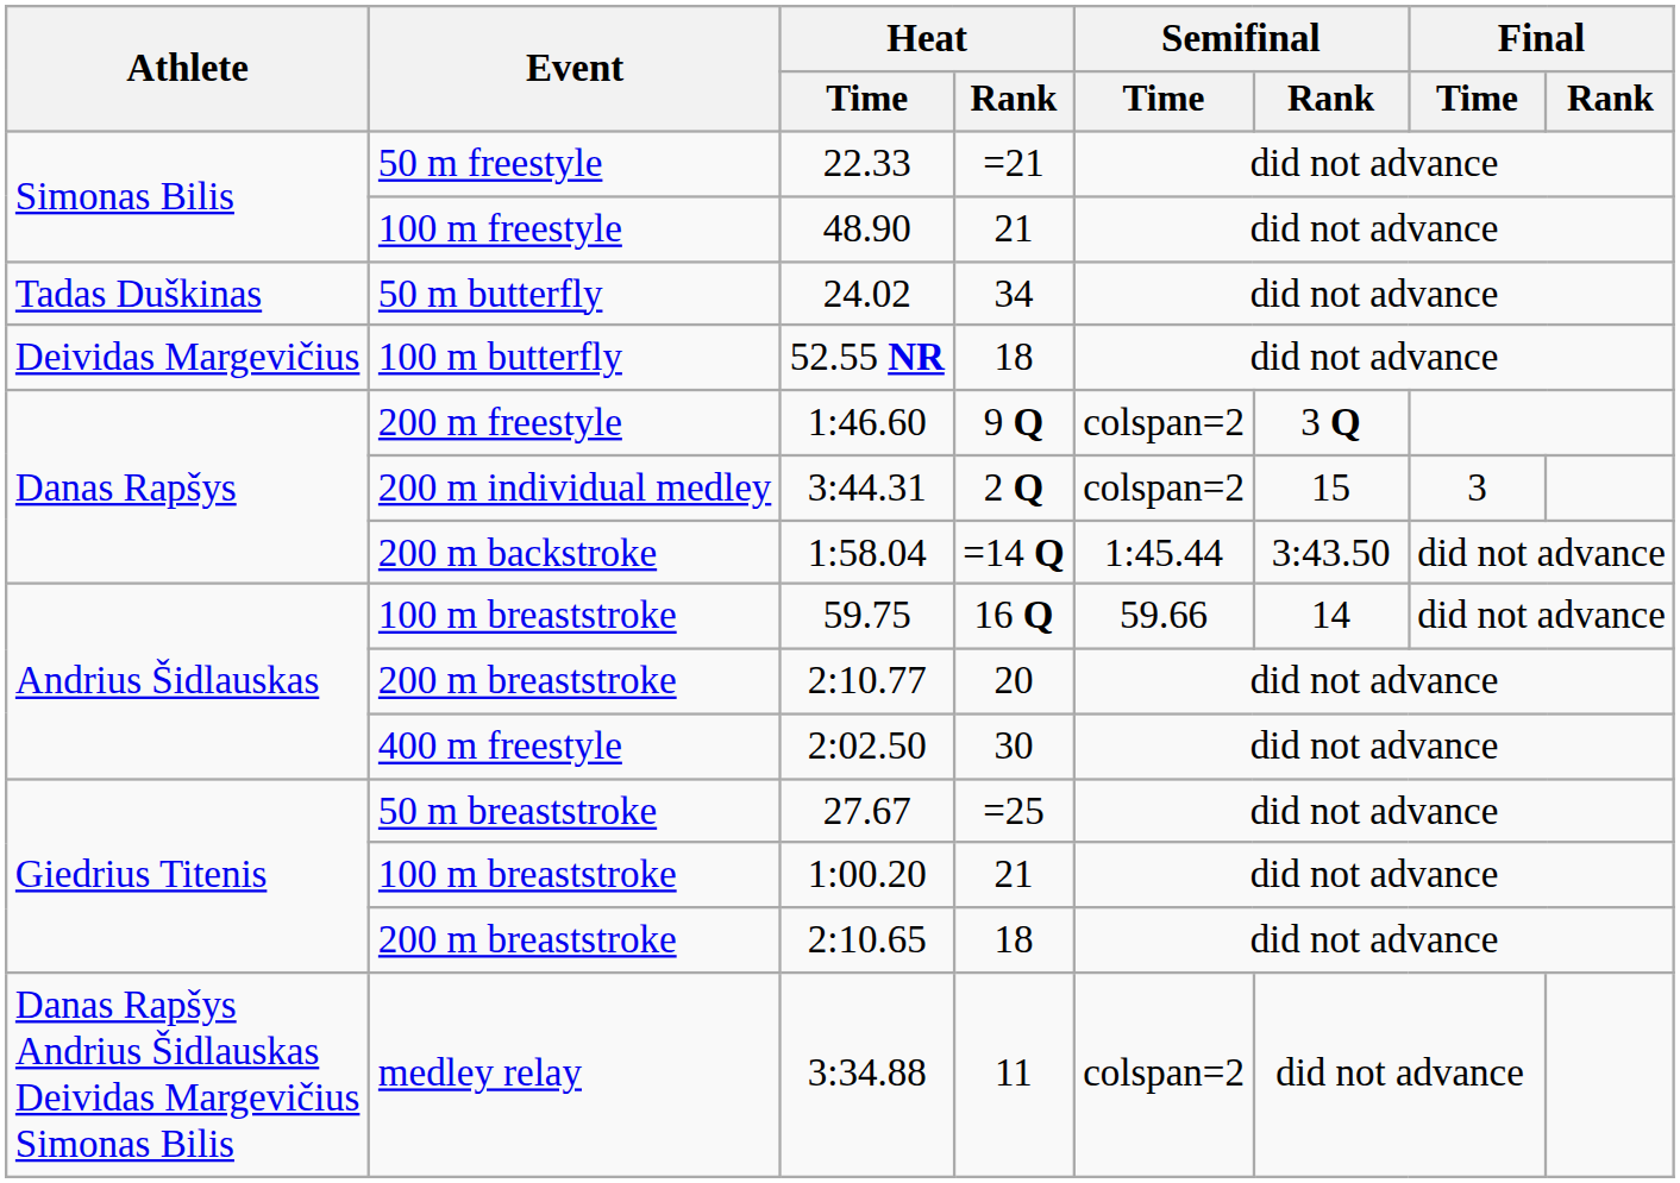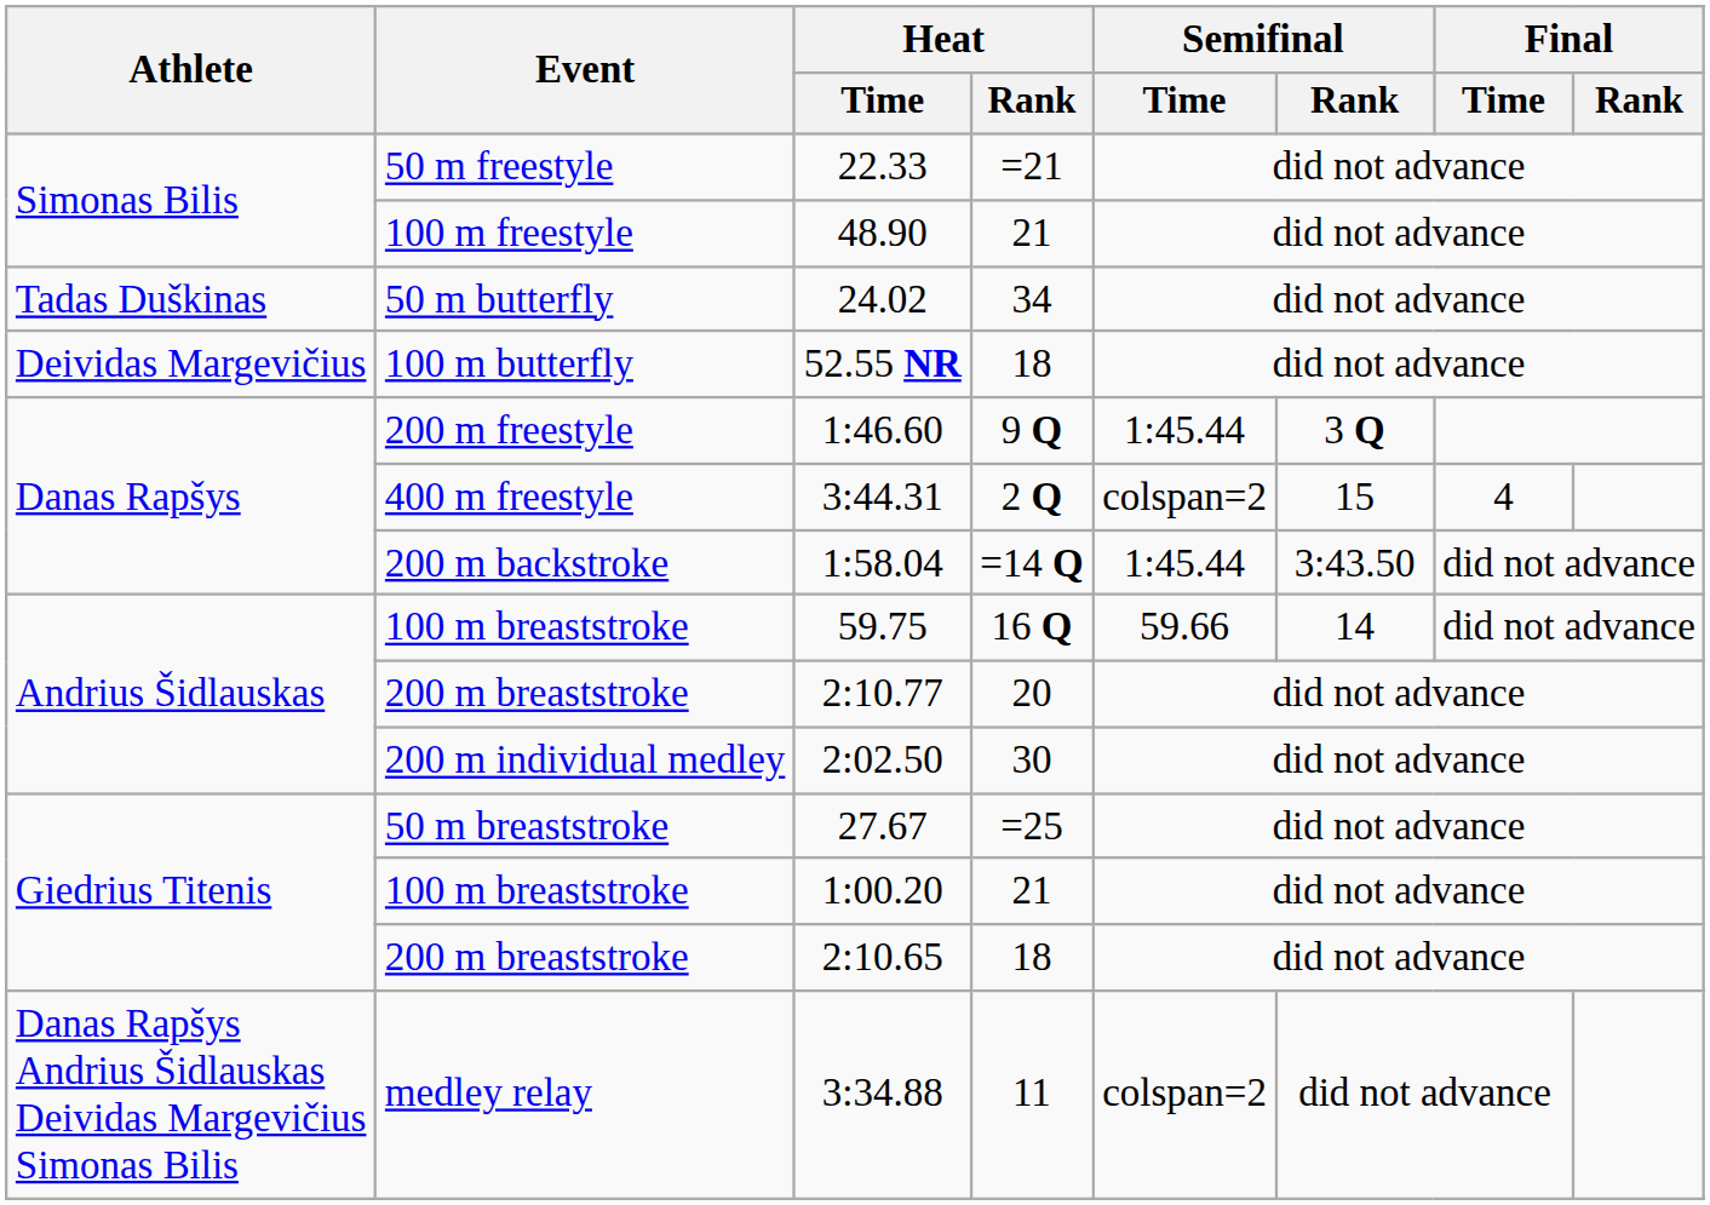 <table class="wikitable" style="text-align:center; font-size:90%">
 <tr>
 <th rowspan="2">Athlete</th>
 <th rowspan="2">Event</th>
 <th colspan="2">Heat</th>
 <th colspan="2">Semifinal</th>
 <th colspan="2">Final</th>
 </tr>
 <tr style="font-size:95%">
 <th>Time</th>
 <th>Rank</th>
 <th>Time</th>
 <th>Rank</th>
 <th>Time</th>
 <th>Rank</th>
 </tr>
 <tr>
 <td align=left rowspan=2><a href='#'>Simonas Bilis</a></td>
 <td align=left><a href='#'>50 m freestyle</a></td>
 <td>22.33</td>
 <td>=21</td>
 <td colspan=4>did not advance</td>
 </tr>
 <tr>
 <td align=left><a href='#'>100 m freestyle</a></td>
 <td>48.90</td>
 <td>21</td>
 <td colspan=4>did not advance</td>
 </tr>
 <tr>
 <td align=left><a href='#'>Tadas Duškinas</a></td>
 <td align=left><a href='#'>50 m butterfly</a></td>
 <td>24.02</td>
 <td>34</td>
 <td colspan=4>did not advance</td>
 </tr>
 <tr>
 <td align=left><a href='#'>Deividas Margevičius</a></td>
 <td align=left><a href='#'>100 m butterfly</a></td>
 <td>52.55 <strong><a href='#'>NR</a></strong></td>
 <td>18</td>
 <td colspan=4>did not advance</td>
 </tr>
 <tr>
 <td align=left rowspan=3><a href='#'>Danas Rapšys</a></td>
 <td align=left><a href='#'>200 m freestyle</a></td>
 <td>1:46.60</td>
 <td>9 <strong>Q</strong></td>
-<td>colspan=2 </td>
+<td>1:45.44</td>
 <td>3 <strong>Q</strong></td>
 <td colspan=2></td>
 </tr>
 <tr>
-<td align=left><a href='#'>200 m individual medley</a></td>
+<td align=left><a href='#'>400 m freestyle</a></td>
 <td>3:44.31</td>
 <td>2 <strong>Q</strong></td>
 <td>colspan=2 </td>
 <td>15</td>
-<td>3</td>
+<td>4</td>
 </tr>
 <tr>
 <td align=left><a href='#'>200 m backstroke</a></td>
 <td>1:58.04</td>
 <td>=14 <strong>Q</strong></td>
 <td>1:45.44</td>
 <td>3:43.50</td>
 <td colspan=2>did not advance</td>
 </tr>
 <tr>
 <td align=left rowspan=3><a href='#'>Andrius Šidlauskas</a></td>
 <td align=left><a href='#'>100 m breaststroke</a></td>
 <td>59.75</td>
 <td>16 <strong>Q</strong></td>
 <td>59.66</td>
 <td>14</td>
 <td colspan=2>did not advance</td>
 </tr>
 <tr>
 <td align=left><a href='#'>200 m breaststroke</a></td>
 <td>2:10.77</td>
 <td>20</td>
 <td colspan=4>did not advance</td>
 </tr>
 <tr>
-<td align=left><a href='#'>400 m freestyle</a></td>
+<td align=left><a href='#'>200 m individual medley</a></td>
 <td>2:02.50</td>
 <td>30</td>
 <td colspan=4>did not advance</td>
 </tr>
 <tr>
 <td align=left rowspan=3><a href='#'>Giedrius Titenis</a></td>
 <td align=left><a href='#'>50 m breaststroke</a></td>
 <td>27.67</td>
 <td>=25</td>
 <td colspan=4>did not advance</td>
 </tr>
 <tr>
 <td align=left><a href='#'>100 m breaststroke</a></td>
 <td>1:00.20</td>
 <td>21</td>
 <td colspan=4>did not advance</td>
 </tr>
 <tr>
 <td align=left><a href='#'>200 m breaststroke</a></td>
 <td>2:10.65</td>
 <td>18</td>
 <td colspan=4>did not advance</td>
 </tr>
 <tr>
 <td align=left><a href='#'>Danas Rapšys</a><br><a href='#'>Andrius Šidlauskas</a><br><a href='#'>Deividas Margevičius</a><br><a href='#'>Simonas Bilis</a></td>
 <td align=left><a href='#'> medley relay</a></td>
 <td>3:34.88</td>
 <td>11</td>
 <td>colspan=2 </td>
 <td colspan=2>did not advance</td>
 </tr>
 </table>
